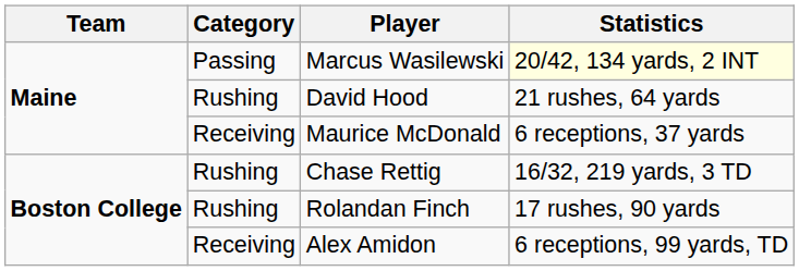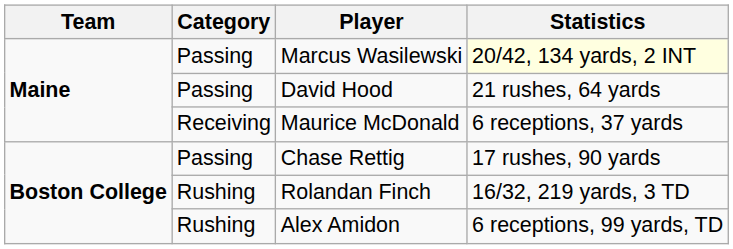 <table class="wikitable" style="float: left;">
 <tr>
 <th>Team</th>
 <th>Category</th>
 <th>Player</th>
 <th>Statistics</th>
 </tr>
 <tr>
 <td rowspan=3><strong>Maine</strong></td>
 <td>Passing</td>
 <td>Marcus Wasilewski</td>
 <td style="background: lightyellow;">20/42, 134 yards, 2 INT</td>
 </tr>
 <tr>
-<td>Rushing</td>
+<td>Passing</td>
 <td>David Hood</td>
 <td>21 rushes, 64 yards</td>
 </tr>
 <tr>
 <td>Receiving</td>
 <td>Maurice McDonald</td>
 <td>6 receptions, 37 yards</td>
 </tr>
 <tr>
 <td rowspan=3><strong>Boston College</strong></td>
+<td>Passing</td>
+<td>Chase Rettig</td>
+<td>17 rushes, 90 yards</td>
+</tr>
+<tr>
 <td>Rushing</td>
-<td>Chase Rettig</td>
+<td>Rolandan Finch</td>
 <td>16/32, 219 yards, 3 TD</td>
 </tr>
 <tr>
 <td>Rushing</td>
-<td>Rolandan Finch</td>
-<td>17 rushes, 90 yards</td>
-</tr>
-<tr>
-<td>Receiving</td>
 <td>Alex Amidon</td>
 <td>6 receptions, 99 yards, TD</td>
 </tr>
 </table>
